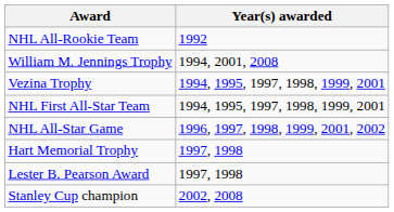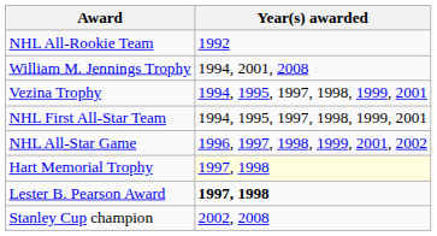 <table class="wikitable">
 <tr>
 <th>Award</th>
 <th>Year(s) awarded</th>
 </tr>
 <tr>
 <td><a href='#'>NHL All-Rookie Team</a></td>
 <td><a href='#'>1992</a></td>
 </tr>
 <tr>
 <td><a href='#'>William M. Jennings Trophy</a></td>
 <td>1994, 2001, <a href='#'>2008</a></td>
 </tr>
 <tr>
 <td><a href='#'>Vezina Trophy</a></td>
 <td><a href='#'>1994</a>, <a href='#'>1995</a>, 1997, 1998, <a href='#'>1999</a>, <a href='#'>2001</a></td>
 </tr>
 <tr>
 <td><a href='#'>NHL First All-Star Team</a></td>
 <td>1994, 1995, 1997, 1998, 1999, 2001</td>
 </tr>
 <tr>
 <td><a href='#'>NHL All-Star Game</a></td>
 <td><a href='#'>1996</a>, <a href='#'>1997</a>, <a href='#'>1998</a>, <a href='#'>1999</a>, <a href='#'>2001</a>, <a href='#'>2002</a></td>
 </tr>
 <tr>
 <td><a href='#'>Hart Memorial Trophy</a></td>
-<td><a href='#'>1997</a>, <a href='#'>1998</a></td>
+<td style="background: lightyellow;"><a href='#'>1997</a>, <a href='#'>1998</a></td>
 </tr>
 <tr>
 <td><a href='#'>Lester B. Pearson Award</a></td>
-<td>1997, 1998</td>
+<td><strong>1997, 1998</strong></td>
 </tr>
 <tr>
 <td><a href='#'>Stanley Cup</a> champion</td>
 <td><a href='#'>2002</a>, <a href='#'>2008</a></td>
 </tr>
 </table>
